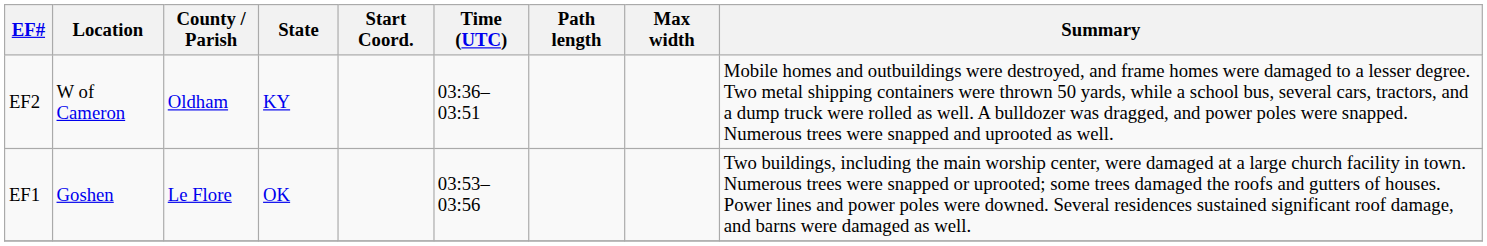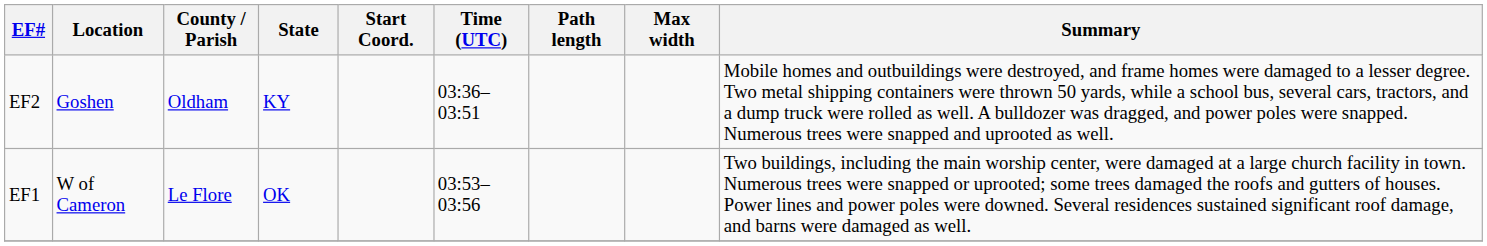 <table class="wikitable sortable" style="width:100%;">
 <tr>
 <th scope="col"  style="width:3%; text-align:center;"><a href='#'>EF#</a></th>
 <th scope="col"  style="width:7%; text-align:center;" class="unsortable">Location</th>
 <th scope="col"  style="width:6%; text-align:center;" class="unsortable">County / Parish</th>
 <th scope="col"  style="width:5%; text-align:center;">State</th>
 <th scope="col"  style="width:6%; text-align:center;">Start Coord.</th>
 <th scope="col"  style="width:6%; text-align:center;">Time (<a href='#'>UTC</a>)</th>
 <th scope="col"  style="width:6%; text-align:center;">Path length</th>
 <th scope="col"  style="width:6%; text-align:center;">Max width</th>
 <th scope="col" class="unsortable" style="width:48%; text-align:center;">Summary</th>
 </tr>
 <tr>
 <td>EF2</td>
-<td>W of <a href='#'>Cameron</a></td>
+<td><a href='#'>Goshen</a></td>
 <td><a href='#'>Oldham</a></td>
 <td><a href='#'>KY</a></td>
 <td></td>
 <td>03:36–03:51</td>
 <td></td>
 <td></td>
 <td>Mobile homes and outbuildings were destroyed, and frame homes were damaged to a lesser degree. Two metal shipping containers were thrown 50 yards, while a school bus, several cars, tractors, and a dump truck were rolled as well. A bulldozer was dragged, and power poles were snapped. Numerous trees were snapped and uprooted as well.</td>
 </tr>
 <tr>
 <td>EF1</td>
-<td><a href='#'>Goshen</a></td>
+<td>W of <a href='#'>Cameron</a></td>
 <td><a href='#'>Le Flore</a></td>
 <td><a href='#'>OK</a></td>
 <td></td>
 <td>03:53–03:56</td>
 <td></td>
 <td></td>
 <td>Two buildings, including the main worship center, were damaged at a large church facility in town. Numerous trees were snapped or uprooted; some trees damaged the roofs and gutters of houses. Power lines and power poles were downed. Several residences sustained significant roof damage, and barns were damaged as well.</td>
 </tr>
 <tr>
 </tr>
 </table>
